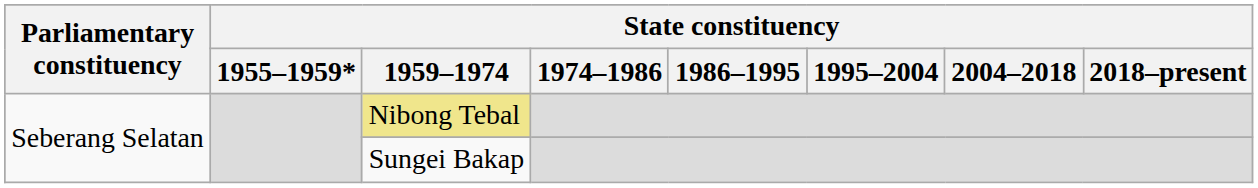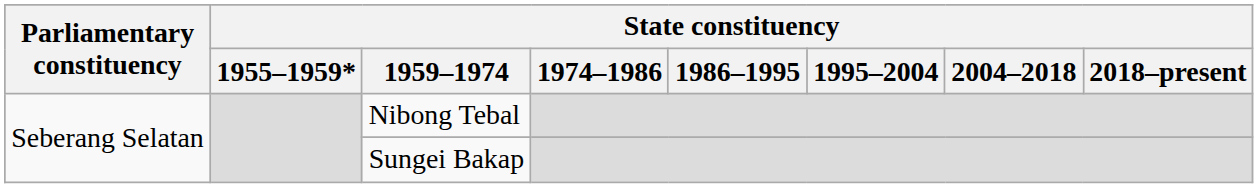 <table class="wikitable">
 <tr>
 <th rowspan="2">Parliamentary<br>constituency</th>
 <th colspan="7">State constituency</th>
 </tr>
 <tr>
 <th>1955–1959*</th>
 <th>1959–1974</th>
 <th>1974–1986</th>
 <th>1986–1995</th>
 <th>1995–2004</th>
 <th>2004–2018</th>
 <th>2018–present</th>
 </tr>
 <tr>
 <td rowspan="2">Seberang Selatan</td>
 <td rowspan="2" bgcolor="dcdcdc"></td>
-<td style="background: khaki;">Nibong Tebal</td>
+<td>Nibong Tebal</td>
 <td colspan="5" bgcolor="dcdcdc"></td>
 </tr>
 <tr>
 <td>Sungei Bakap</td>
 <td colspan="5" bgcolor="dcdcdc"></td>
 </tr>
 </table>
